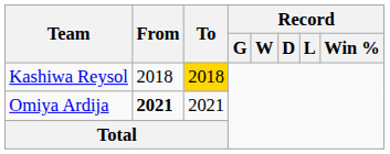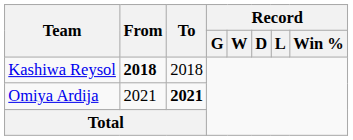 <table class="wikitable" style="text-align: center">
 <tr>
 <th rowspan="2">Team</th>
 <th rowspan="2">From</th>
 <th rowspan="2">To</th>
 <th colspan="5">Record</th>
 </tr>
 <tr>
 <th>G</th>
 <th>W</th>
 <th>D</th>
 <th>L</th>
 <th>Win %</th>
 </tr>
 <tr>
 <td align="left"><a href='#'>Kashiwa Reysol</a></td>
-<td align="left">2018</td>
-<td align="left" style="background: gold;">2018<br></td>
+<td align="left"><strong>2018</strong></td>
+<td align="left">2018<br></td>
 </tr>
 <tr>
 <td align="left"><a href='#'>Omiya Ardija</a></td>
-<td align="left"><strong>2021</strong></td>
-<td align="left">2021<br></td>
+<td align="left">2021</td>
+<td align="left"><strong>2021<br></strong></td>
 </tr>
 <tr>
 <th colspan="3">Total<br></th>
 </tr>
 </table>
